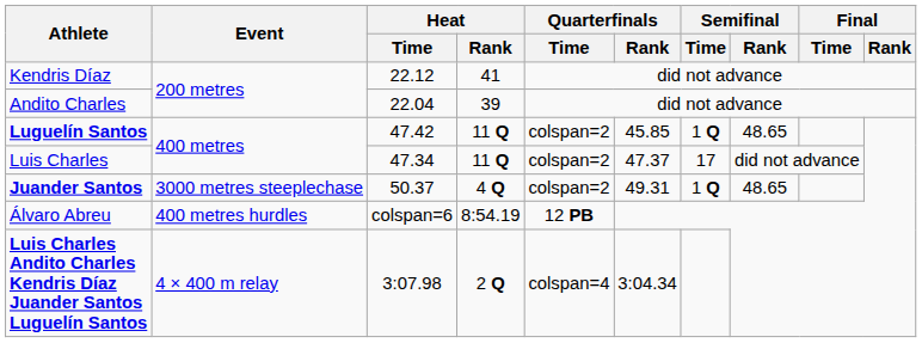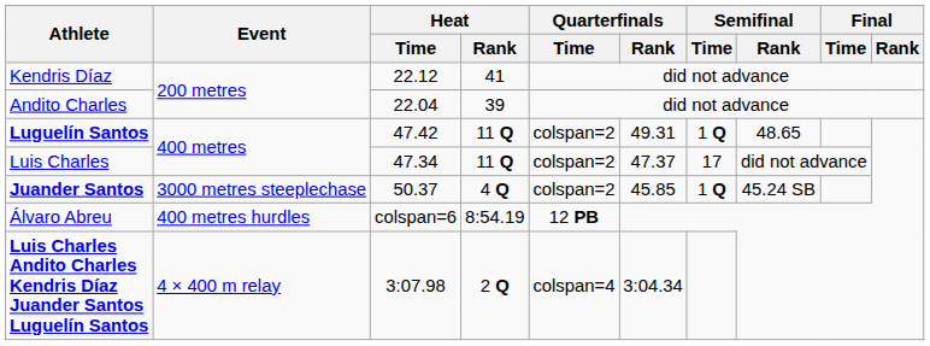 <table class="wikitable" style="font-size:90%">
 <tr>
 <th rowspan="2">Athlete</th>
 <th rowspan="2">Event</th>
 <th colspan="2">Heat</th>
 <th colspan="2">Quarterfinals</th>
 <th colspan="2">Semifinal</th>
 <th colspan="2">Final</th>
 </tr>
 <tr>
 <th>Time</th>
 <th>Rank</th>
 <th>Time</th>
 <th>Rank</th>
 <th>Time</th>
 <th>Rank</th>
 <th>Time</th>
 <th>Rank</th>
 </tr>
 <tr align=center>
 <td align=left><a href='#'>Kendris Díaz</a></td>
 <td align=left rowspan = 2><a href='#'>200 metres</a></td>
 <td>22.12</td>
 <td>41</td>
 <td colspan=6>did not advance</td>
 </tr>
 <tr align=center>
 <td align=left><a href='#'>Andito Charles</a></td>
 <td>22.04</td>
 <td>39</td>
 <td colspan=6>did not advance</td>
 </tr>
 <tr align=center>
 <td align=left><strong><a href='#'>Luguelín Santos</a></strong></td>
 <td align=left rowspan = 2><a href='#'>400 metres</a></td>
 <td>47.42</td>
 <td>11 <strong>Q</strong></td>
 <td>colspan=2 </td>
-<td>45.85</td>
+<td>49.31</td>
 <td>1 <strong>Q</strong></td>
 <td>48.65</td>
 <td></td>
 </tr>
 <tr align=center>
 <td align=left><a href='#'>Luis Charles</a></td>
 <td>47.34</td>
 <td>11 <strong>Q</strong></td>
 <td>colspan=2 </td>
 <td>47.37</td>
 <td>17</td>
 <td colspan=2>did not advance</td>
 </tr>
 <tr style=text-align:center>
 <td style=text-align:left><strong><a href='#'>Juander Santos</a></strong></td>
 <td style=text-align:left><a href='#'>3000 metres steeplechase</a></td>
 <td>50.37</td>
 <td>4 <strong>Q</strong></td>
 <td>colspan=2 </td>
-<td>49.31</td>
+<td>45.85</td>
 <td>1 <strong>Q</strong></td>
-<td>48.65</td>
+<td>45.24 SB</td>
 <td></td>
 </tr>
 <tr style=text-align:center>
 <td style=text-align:left><a href='#'>Álvaro Abreu</a></td>
 <td style=text-align:left><a href='#'>400 metres hurdles</a></td>
 <td>colspan=6 </td>
 <td>8:54.19</td>
 <td>12 <strong>PB</strong></td>
 </tr>
 <tr style=text-align:center>
 <td align=left><strong><a href='#'>Luis Charles</a><br><a href='#'>Andito Charles</a><br><a href='#'>Kendris Díaz</a><br><a href='#'>Juander Santos</a><br><a href='#'>Luguelín Santos</a></strong></td>
 <td align=left><a href='#'>4 × 400 m relay</a></td>
 <td>3:07.98</td>
 <td>2 <strong>Q</strong></td>
 <td>colspan=4 </td>
 <td>3:04.34</td>
 <td></td>
 </tr>
 </table>
